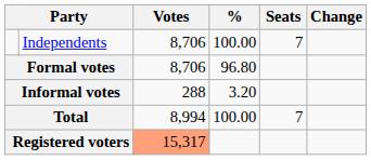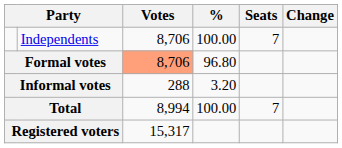 <table class="wikitable" style="text-align:right; margin-bottom:0">
 <tr>
 <th style="width:10px" colspan=3>Party</th>
 <th style="width:70px;">Votes</th>
 <th style="width:40px;">%</th>
 <th style="width:40px;">Seats</th>
 <th style="width:40px;">Change</th>
 </tr>
 <tr>
 <td> </td>
 <td style="text-align:left;" colspan="2"><a href='#'>Independents</a></td>
 <td>8,706</td>
 <td>100.00</td>
 <td>7</td>
 <td></td>
 </tr>
 <tr>
 <th colspan="3" rowspan="1"> Formal votes</th>
-<td>8,706</td>
+<td style="background: lightsalmon;">8,706</td>
 <td>96.80</td>
 <td></td>
 <td></td>
 </tr>
 <tr>
 <th colspan="3" rowspan="1"> Informal votes</th>
 <td>288</td>
 <td>3.20</td>
 <td></td>
 <td></td>
 </tr>
 <tr>
 <th colspan="3" rowspan="1"> Total</th>
 <td>8,994</td>
 <td>100.00</td>
 <td>7</td>
 <td></td>
 </tr>
 <tr>
 <th colspan="3" rowspan="1"> Registered voters</th>
-<td style="background: lightsalmon;">15,317</td>
+<td>15,317</td>
 <td></td>
 <td></td>
 <td></td>
 </tr>
 </table>
